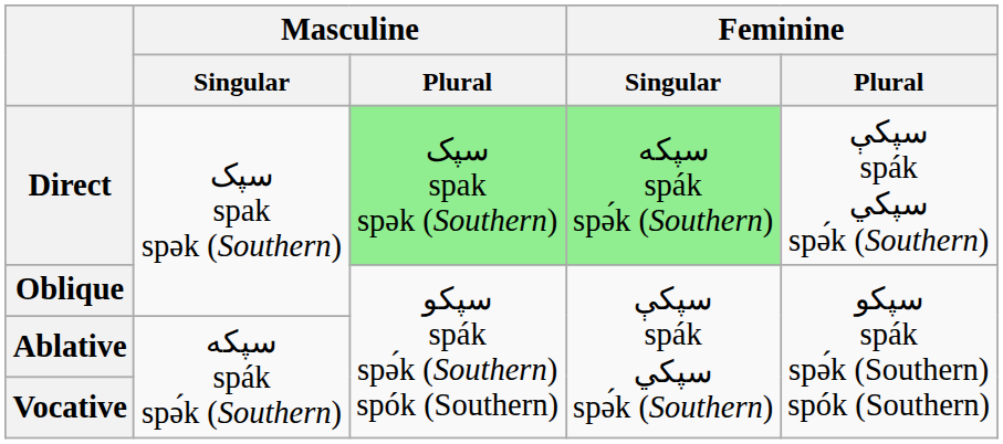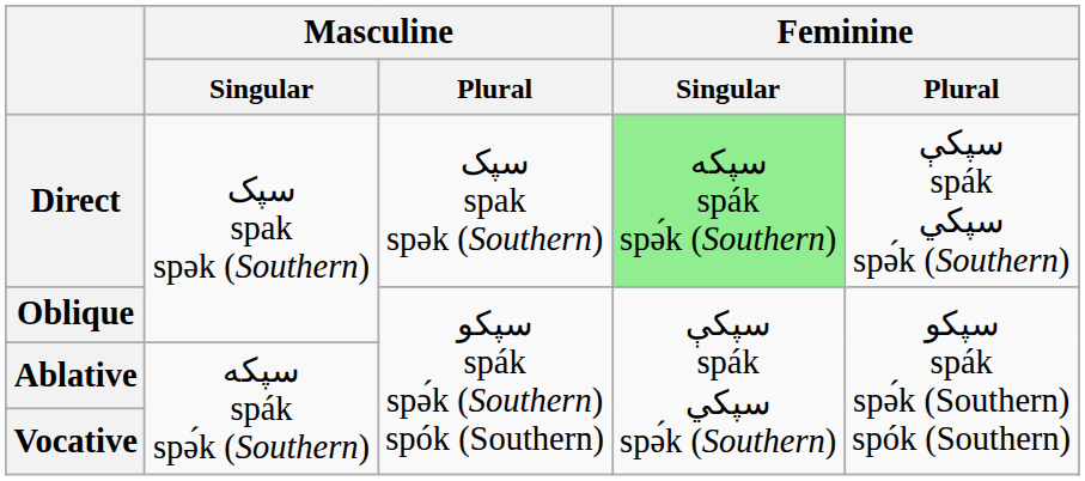 <table class="wikitable" style="text-align: center">
 <tr>
 <th rowspan="2"></th>
 <th colspan="2">Masculine</th>
 <th colspan="2">Feminine</th>
 </tr>
 <tr>
 <th style="border-right;"><small>Singular</small></th>
 <th style="border-left;"><small>Plural</small></th>
 <th style="border-right;"><small>Singular</small></th>
 <th style="border-left;"><small>Plural</small></th>
 </tr>
 <tr>
 <th>Direct</th>
 <td rowspan="2">سپک<br>spak<br>spək (<em>Southern</em>)</td>
-<td style="background: lightgreen;">سپک<br>spak<br>spək (<em>Southern</em>)</td>
+<td>سپک<br>spak<br>spək (<em>Southern</em>)</td>
 <td style="background: lightgreen;">سپکه<br>spák<br>spə́k (<em>Southern</em>)</td>
 <td>سپکې<br>spák<br>سپکي<br>spə́k (<em>Southern</em>)</td>
 </tr>
 <tr>
 <th>Oblique</th>
 <td rowspan="3">سپکو<br>spák<br>spə́k (<em>Southern</em>)<br>spók (Southern)</td>
 <td rowspan="3">سپکې<br>spák<br>سپکي<br>spə́k (<em>Southern</em>)</td>
 <td rowspan="3">سپکو<br>spák<br>spə́k (Southern)<br>spók (Southern)</td>
 </tr>
 <tr>
 <th>Ablative</th>
 <td rowspan="2">سپکه<br>spák<br>spə́k (<em>Southern</em>)</td>
 </tr>
 <tr>
 <th>Vocative</th>
 </tr>
 </table>
